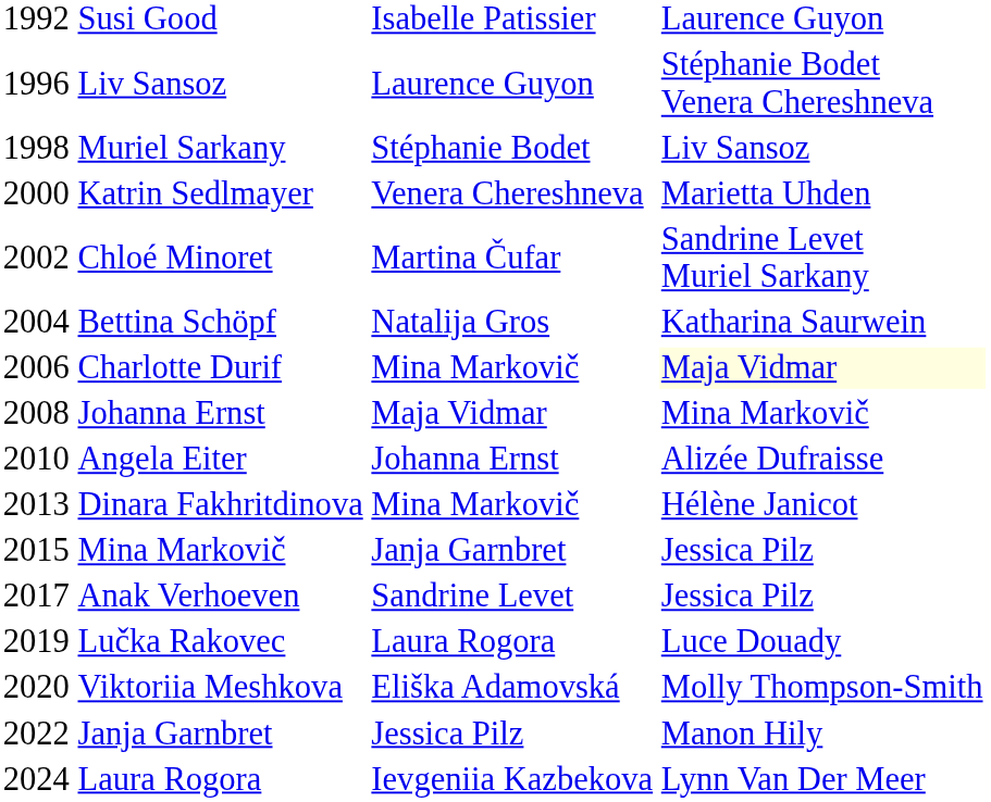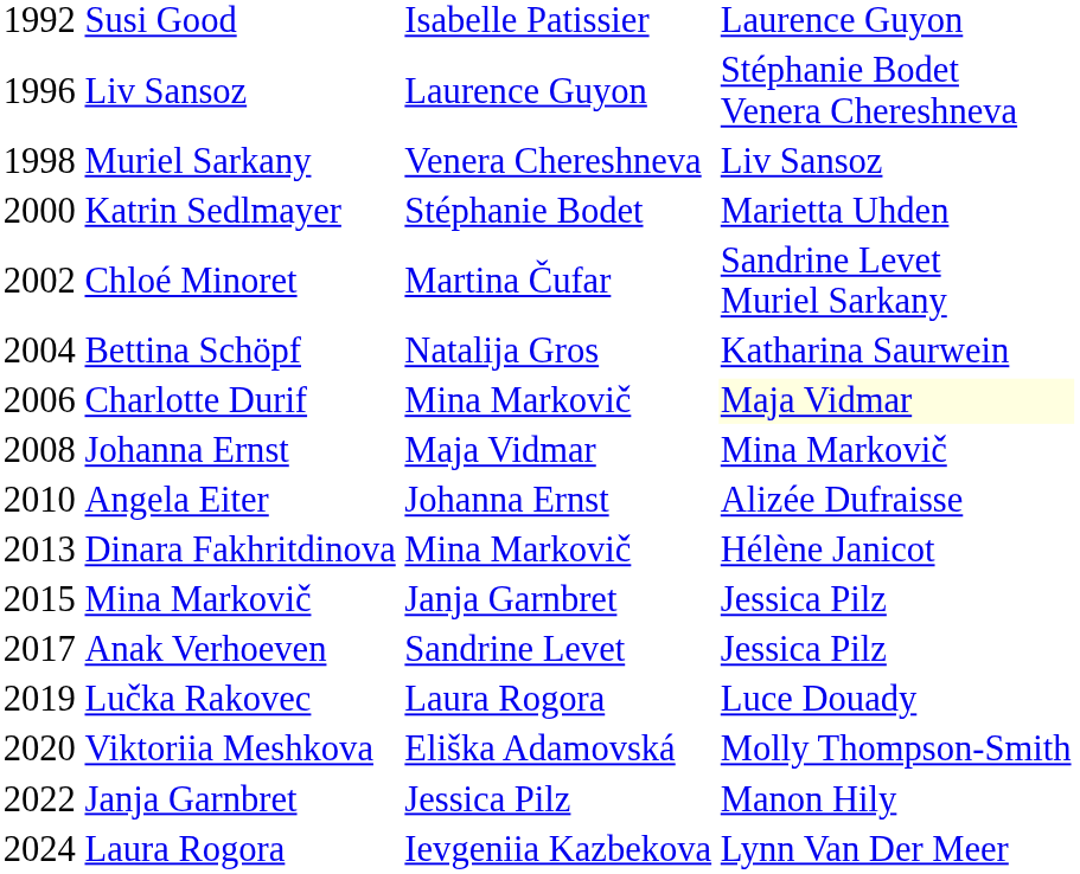 <table>
 <tr>
 <td align="center">1992</td>
 <td> <a href='#'>Susi Good</a></td>
 <td> <a href='#'>Isabelle Patissier</a></td>
 <td> <a href='#'>Laurence Guyon</a></td>
 </tr>
 <tr>
 <td align="center">1996</td>
 <td> <a href='#'>Liv Sansoz</a></td>
 <td> <a href='#'>Laurence Guyon</a></td>
 <td> <a href='#'>Stéphanie Bodet</a><br> <a href='#'>Venera Chereshneva</a></td>
 </tr>
 <tr>
 <td align="center">1998</td>
 <td> <a href='#'>Muriel Sarkany</a></td>
-<td> <a href='#'>Stéphanie Bodet</a></td>
+<td> <a href='#'>Venera Chereshneva</a></td>
 <td> <a href='#'>Liv Sansoz</a></td>
 </tr>
 <tr>
 <td align="center">2000</td>
 <td> <a href='#'>Katrin Sedlmayer</a></td>
-<td> <a href='#'>Venera Chereshneva</a></td>
+<td> <a href='#'>Stéphanie Bodet</a></td>
 <td> <a href='#'>Marietta Uhden</a></td>
 </tr>
 <tr>
 <td align="center">2002</td>
 <td> <a href='#'>Chloé Minoret</a></td>
 <td> <a href='#'>Martina Čufar</a></td>
 <td> <a href='#'>Sandrine Levet</a><br> <a href='#'>Muriel Sarkany</a></td>
 </tr>
 <tr>
 <td align="center">2004</td>
 <td> <a href='#'>Bettina Schöpf</a></td>
 <td> <a href='#'>Natalija Gros</a></td>
 <td> <a href='#'>Katharina Saurwein</a></td>
 </tr>
 <tr>
 <td align="center">2006</td>
 <td> <a href='#'>Charlotte Durif</a></td>
 <td> <a href='#'>Mina Markovič</a></td>
 <td style="background: lightyellow;"> <a href='#'>Maja Vidmar</a></td>
 </tr>
 <tr>
 <td align="center">2008</td>
 <td> <a href='#'>Johanna Ernst</a></td>
 <td> <a href='#'>Maja Vidmar</a></td>
 <td> <a href='#'>Mina Markovič</a></td>
 </tr>
 <tr>
 <td align="center">2010</td>
 <td> <a href='#'>Angela Eiter</a></td>
 <td> <a href='#'>Johanna Ernst</a></td>
 <td> <a href='#'>Alizée Dufraisse</a></td>
 </tr>
 <tr>
 <td align="center">2013</td>
 <td> <a href='#'>Dinara Fakhritdinova</a></td>
 <td> <a href='#'>Mina Markovič</a></td>
 <td> <a href='#'>Hélène Janicot</a></td>
 </tr>
 <tr>
 <td align="center">2015</td>
 <td> <a href='#'>Mina Markovič</a></td>
 <td> <a href='#'>Janja Garnbret</a></td>
 <td> <a href='#'>Jessica Pilz</a></td>
 </tr>
 <tr>
 <td align="center">2017</td>
 <td> <a href='#'>Anak Verhoeven</a></td>
 <td> <a href='#'>Sandrine Levet</a></td>
 <td> <a href='#'>Jessica Pilz</a></td>
 </tr>
 <tr>
 <td align="center">2019</td>
 <td> <a href='#'>Lučka Rakovec</a></td>
 <td> <a href='#'>Laura Rogora</a></td>
 <td> <a href='#'>Luce Douady</a></td>
 </tr>
 <tr>
 <td align="center">2020</td>
 <td> <a href='#'>Viktoriia Meshkova</a></td>
 <td> <a href='#'>Eliška Adamovská</a></td>
 <td> <a href='#'>Molly Thompson-Smith</a></td>
 </tr>
 <tr>
 <td align="center">2022</td>
 <td> <a href='#'>Janja Garnbret</a></td>
 <td> <a href='#'>Jessica Pilz</a></td>
 <td> <a href='#'>Manon Hily</a></td>
 </tr>
 <tr>
 <td align="center">2024</td>
 <td> <a href='#'>Laura Rogora</a></td>
 <td> <a href='#'>Ievgeniia Kazbekova</a></td>
 <td> <a href='#'>Lynn Van Der Meer</a></td>
 </tr>
 </table>
